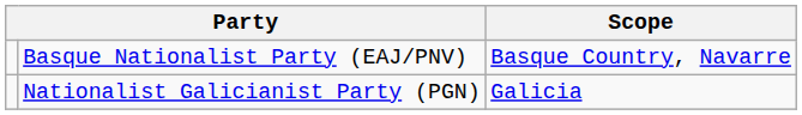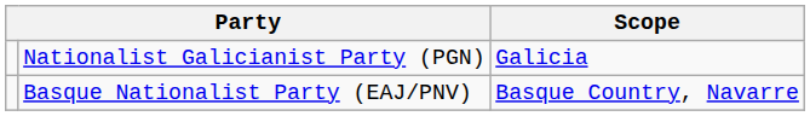 <table class="wikitable" style="text-align:left; font-size:97%;">
 <tr>
 <th colspan="2">Party</th>
 <th>Scope</th>
 </tr>
 <tr>
+<td></td>
+<td><a href='#'>Nationalist Galicianist Party</a> (PGN)</td>
+<td><a href='#'>Galicia</a></td>
+</tr>
+<tr>
 <td width="1"></td>
 <td><a href='#'>Basque Nationalist Party</a> (EAJ/PNV)</td>
 <td><a href='#'>Basque Country</a>, <a href='#'>Navarre</a></td>
 </tr>
-<tr>
-<td></td>
-<td><a href='#'>Nationalist Galicianist Party</a> (PGN)</td>
-<td><a href='#'>Galicia</a></td>
-</tr>
 </table>
